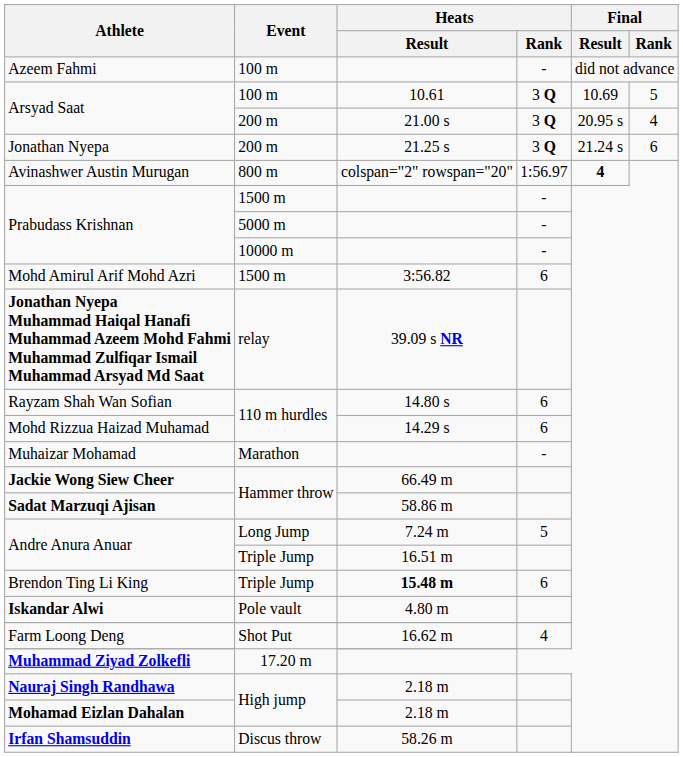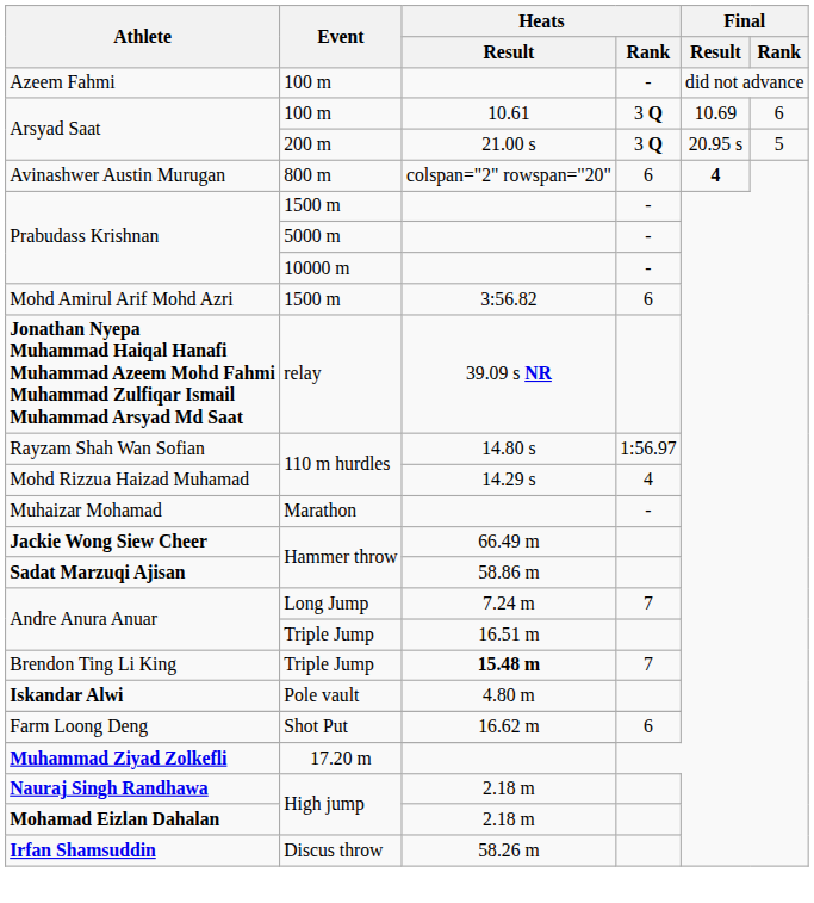 <table class="wikitable" style="font-size:90%">
 <tr>
 <th rowspan="2">Athlete</th>
 <th rowspan="2">Event</th>
 <th colspan="2">Heats</th>
 <th colspan="2">Final</th>
 </tr>
 <tr>
 <th>Result</th>
 <th>Rank</th>
 <th>Result</th>
 <th>Rank</th>
 </tr>
 <tr align="center">
 <td align="left">Azeem Fahmi</td>
 <td align="left">100 m</td>
 <td></td>
 <td>-</td>
 <td colspan=2>did not advance</td>
 </tr>
 <tr align="center">
 <td align="left" rowspan=2>Arsyad Saat</td>
 <td align="left">100 m</td>
 <td>10.61</td>
 <td>3 <strong>Q</strong></td>
 <td>10.69</td>
-<td>5</td>
+<td>6</td>
 </tr>
 <tr align="center">
 <td align="left">200 m</td>
 <td>21.00 s</td>
 <td>3 <strong>Q</strong></td>
 <td>20.95 s</td>
-<td>4</td>
-</tr>
-<tr align="center">
-<td align="left">Jonathan Nyepa</td>
-<td align="left">200 m</td>
-<td>21.25 s</td>
-<td>3 <strong>Q</strong></td>
-<td>21.24 s</td>
-<td>6</td>
+<td>5</td>
 </tr>
 <tr align="center">
 <td align="left">Avinashwer Austin Murugan</td>
 <td align="left">800 m</td>
 <td>colspan="2" rowspan="20" </td>
-<td>1:56.97</td>
+<td>6</td>
 <td><strong>4</strong></td>
 </tr>
 <tr align="center">
 <td rowspan="3" align="left">Prabudass Krishnan</td>
 <td align="left">1500 m</td>
 <td></td>
 <td>-</td>
 </tr>
 <tr align="center">
 <td align="left">5000 m</td>
 <td></td>
 <td>-</td>
 </tr>
 <tr align="center">
 <td align="left">10000 m</td>
 <td></td>
 <td>-</td>
 </tr>
 <tr align="center">
 <td align="left">Mohd Amirul Arif Mohd Azri</td>
 <td align="left">1500 m</td>
 <td>3:56.82</td>
 <td>6</td>
 </tr>
 <tr align="center">
 <td align="left"><strong>Jonathan Nyepa<br>Muhammad Haiqal Hanafi<br>Muhammad Azeem Mohd Fahmi<br>Muhammad Zulfiqar Ismail<br>Muhammad Arsyad Md Saat</strong></td>
 <td align="left"> relay</td>
 <td>39.09 s <strong><a href='#'>NR</a></strong></td>
 <td></td>
 </tr>
 <tr align="center">
 <td align="left">Rayzam Shah Wan Sofian</td>
 <td align="left" rowspan="2" align="left">110 m hurdles</td>
 <td>14.80 s</td>
-<td>6</td>
+<td>1:56.97</td>
 </tr>
 <tr align="center">
 <td align="left">Mohd Rizzua Haizad Muhamad</td>
 <td>14.29 s</td>
-<td>6</td>
+<td>4</td>
 </tr>
 <tr align="center">
 <td align="left">Muhaizar Mohamad</td>
 <td align="left">Marathon</td>
 <td></td>
 <td>-</td>
 </tr>
 <tr align="center">
 <td align="left"><strong>Jackie Wong Siew Cheer</strong></td>
 <td align="left" rowspan="2">Hammer throw</td>
 <td>66.49 m</td>
 <td></td>
 </tr>
 <tr align="center">
 <td align="left"><strong>Sadat Marzuqi Ajisan</strong></td>
 <td>58.86 m</td>
 <td></td>
 </tr>
 <tr align="center">
 <td align="left" rowspan=2>Andre Anura Anuar</td>
 <td align="left">Long Jump</td>
 <td>7.24 m</td>
-<td>5</td>
+<td>7</td>
 </tr>
 <tr align="center">
 <td align="left">Triple Jump</td>
 <td>16.51 m</td>
 <td></td>
 </tr>
 <tr align="center">
 <td align="left">Brendon Ting Li King</td>
 <td align="left">Triple Jump</td>
 <td><strong>15.48 m</strong></td>
-<td>6</td>
+<td>7</td>
 </tr>
 <tr align="center">
 <td align="left"><strong>Iskandar Alwi</strong></td>
 <td align="left">Pole vault</td>
 <td>4.80 m</td>
 <td></td>
 </tr>
 <tr>
 </tr>
 <tr align="center">
 <td align="left">Farm Loong Deng</td>
 <td align="left" rowspan="2">Shot Put</td>
 <td>16.62 m</td>
-<td>4</td>
+<td>6</td>
 </tr>
 <tr>
 </tr>
 <tr align="center">
 <td align="left"><strong><a href='#'>Muhammad Ziyad Zolkefli</a></strong></td>
 <td>17.20 m</td>
 <td></td>
 </tr>
 <tr align="center">
 <td align="left"><strong><a href='#'>Nauraj Singh Randhawa</a></strong></td>
 <td align="left" rowspan=2>High jump</td>
 <td>2.18 m</td>
 <td></td>
 </tr>
 <tr align="center">
 <td align="left"><strong>Mohamad Eizlan Dahalan</strong></td>
 <td>2.18 m</td>
 <td></td>
 </tr>
 <tr align="center">
 <td align="left"><strong><a href='#'>Irfan Shamsuddin</a></strong></td>
 <td align="left">Discus throw</td>
 <td>58.26 m</td>
 <td></td>
 </tr>
 </table>
